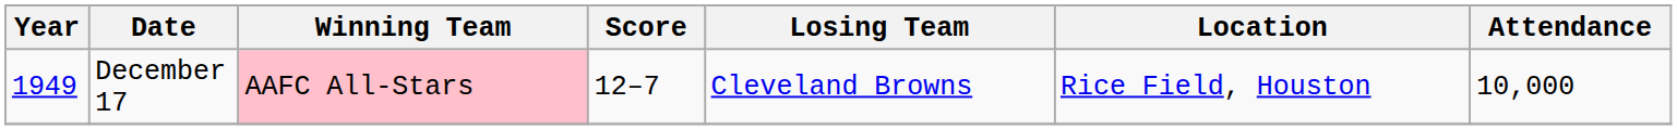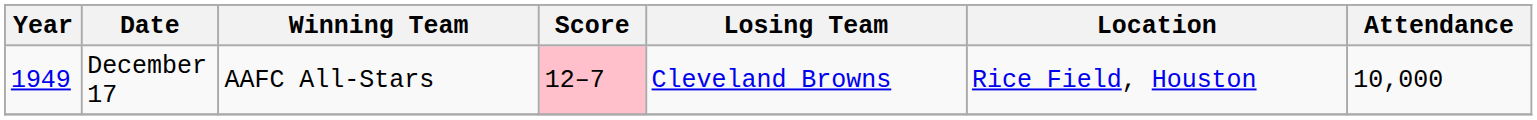 <table class="wikitable" width="90%">
 <tr>
 <th width=5%>Year</th>
 <th width=9%>Date</th>
 <th width=21%>Winning Team</th>
 <th width=7%>Score</th>
 <th width=21%>Losing Team</th>
 <th width=25%>Location</th>
 <th width=12%>Attendance</th>
 </tr>
 <tr>
 <td><a href='#'>1949</a></td>
 <td>December 17</td>
-<td style="background: pink;">AAFC All-Stars</td>
-<td>12–7</td>
+<td>AAFC All-Stars</td>
+<td style="background: pink;">12–7</td>
 <td><a href='#'>Cleveland Browns</a></td>
 <td><a href='#'>Rice Field</a>, <a href='#'>Houston</a></td>
 <td>10,000</td>
 </tr>
 <tr>
 </tr>
 </table>
